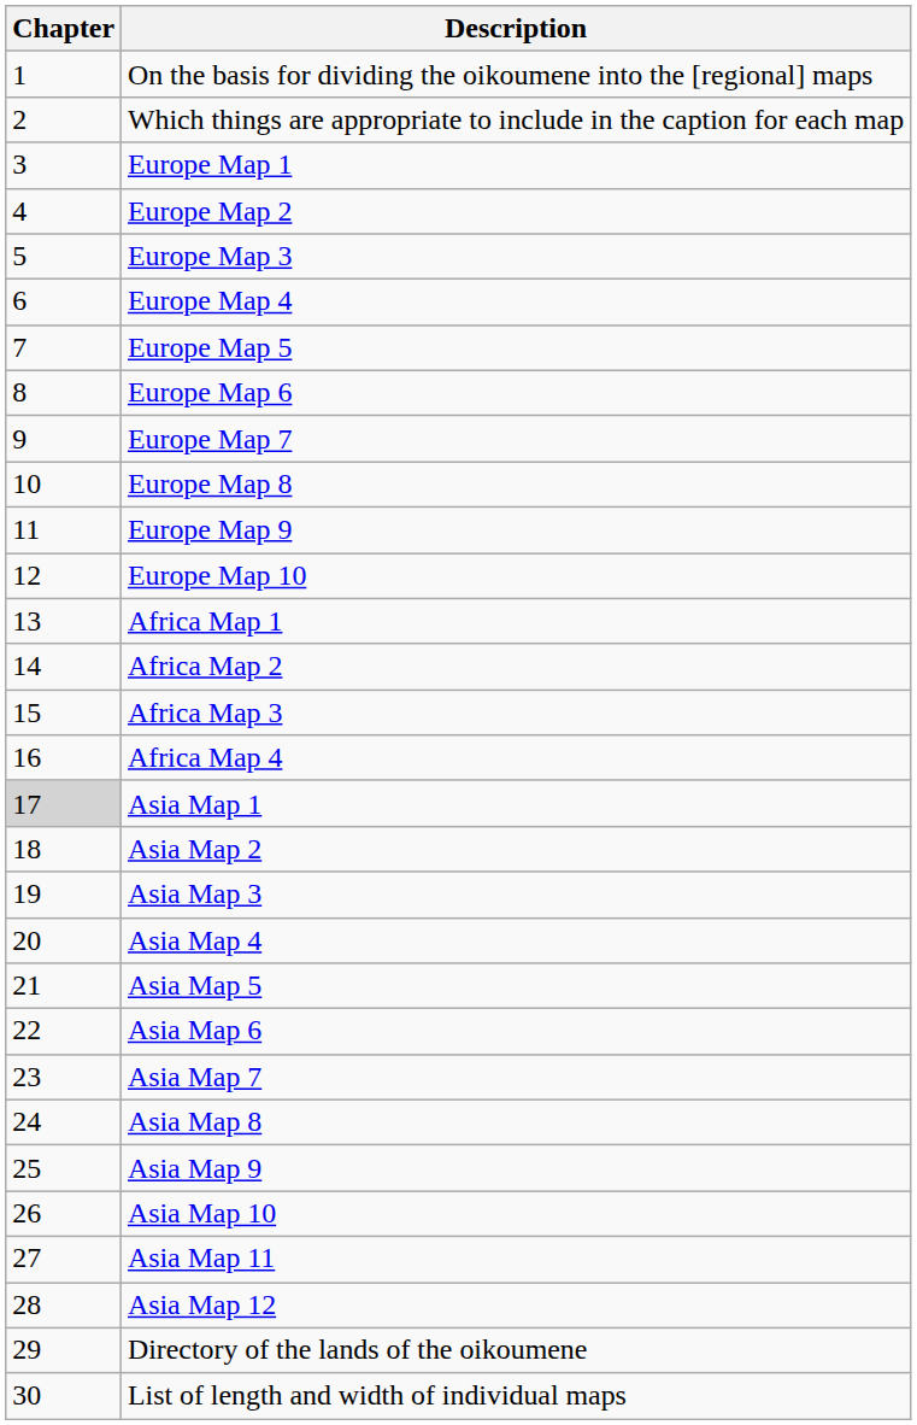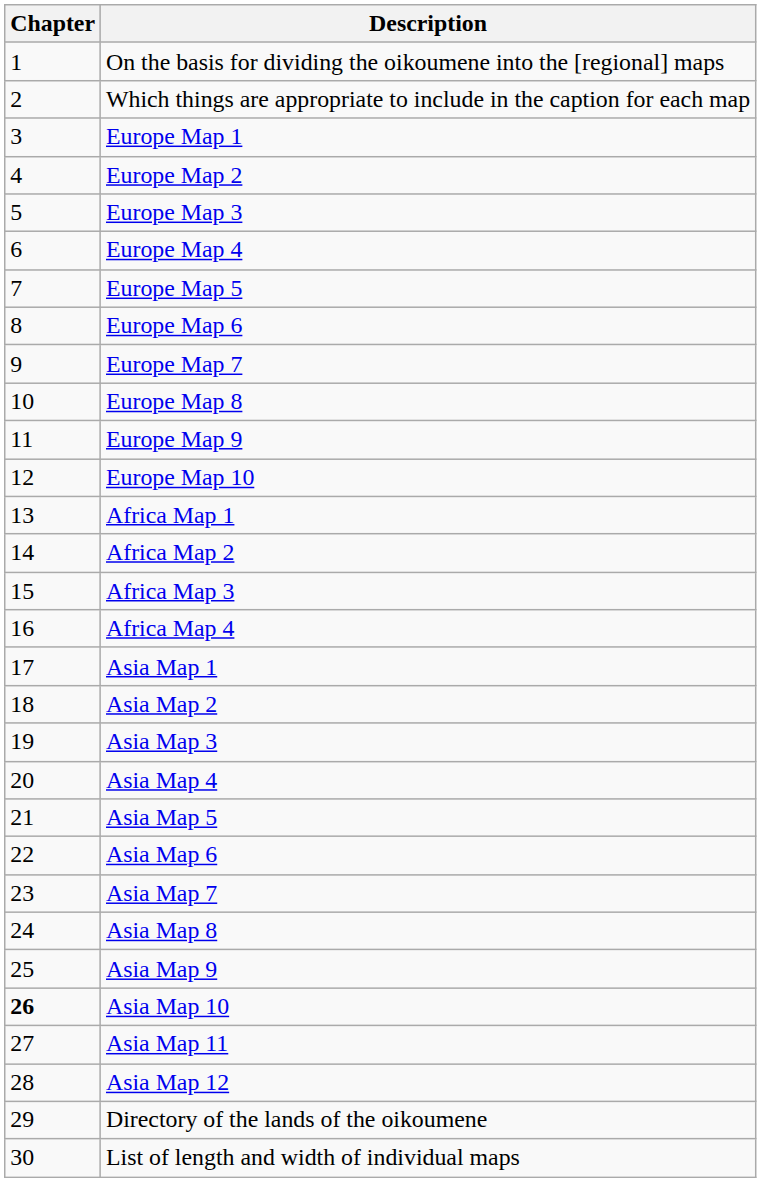 <table class="wikitable">
 <tr>
 <th>Chapter</th>
 <th>Description</th>
 </tr>
 <tr>
 <td>1</td>
 <td>On the basis for dividing the oikoumene into the [regional] maps</td>
 </tr>
 <tr>
 <td>2</td>
 <td>Which things are appropriate to include in the caption for each map</td>
 </tr>
 <tr>
 <td>3</td>
 <td><a href='#'>Europe Map 1</a></td>
 </tr>
 <tr>
 <td>4</td>
 <td><a href='#'>Europe Map 2</a></td>
 </tr>
 <tr>
 <td>5</td>
 <td><a href='#'>Europe Map 3</a></td>
 </tr>
 <tr>
 <td>6</td>
 <td><a href='#'>Europe Map 4</a></td>
 </tr>
 <tr>
 <td>7</td>
 <td><a href='#'>Europe Map 5</a></td>
 </tr>
 <tr>
 <td>8</td>
 <td><a href='#'>Europe Map 6</a></td>
 </tr>
 <tr>
 <td>9</td>
 <td><a href='#'>Europe Map 7</a></td>
 </tr>
 <tr>
 <td>10</td>
 <td><a href='#'>Europe Map 8</a></td>
 </tr>
 <tr>
 <td>11</td>
 <td><a href='#'>Europe Map 9</a></td>
 </tr>
 <tr>
 <td>12</td>
 <td><a href='#'>Europe Map 10</a></td>
 </tr>
 <tr>
 <td>13</td>
 <td><a href='#'>Africa Map 1</a></td>
 </tr>
 <tr>
 <td>14</td>
 <td><a href='#'>Africa Map 2</a></td>
 </tr>
 <tr>
 <td>15</td>
 <td><a href='#'>Africa Map 3</a></td>
 </tr>
 <tr>
 <td>16</td>
 <td><a href='#'>Africa Map 4</a></td>
 </tr>
 <tr>
-<td style="background: lightgrey;">17</td>
+<td>17</td>
 <td><a href='#'>Asia Map 1</a></td>
 </tr>
 <tr>
 <td>18</td>
 <td><a href='#'>Asia Map 2</a></td>
 </tr>
 <tr>
 <td>19</td>
 <td><a href='#'>Asia Map 3</a></td>
 </tr>
 <tr>
 <td>20</td>
 <td><a href='#'>Asia Map 4</a></td>
 </tr>
 <tr>
 <td>21</td>
 <td><a href='#'>Asia Map 5</a></td>
 </tr>
 <tr>
 <td>22</td>
 <td><a href='#'>Asia Map 6</a></td>
 </tr>
 <tr>
 <td>23</td>
 <td><a href='#'>Asia Map 7</a></td>
 </tr>
 <tr>
 <td>24</td>
 <td><a href='#'>Asia Map 8</a></td>
 </tr>
 <tr>
 <td>25</td>
 <td><a href='#'>Asia Map 9</a></td>
 </tr>
 <tr>
-<td>26</td>
+<td><strong>26</strong></td>
 <td><a href='#'>Asia Map 10</a></td>
 </tr>
 <tr>
 <td>27</td>
 <td><a href='#'>Asia Map 11</a></td>
 </tr>
 <tr>
 <td>28</td>
 <td><a href='#'>Asia Map 12</a></td>
 </tr>
 <tr>
 <td>29</td>
 <td>Directory of the lands of the oikoumene</td>
 </tr>
 <tr>
 <td>30</td>
 <td>List of length and width of individual maps</td>
 </tr>
 </table>
